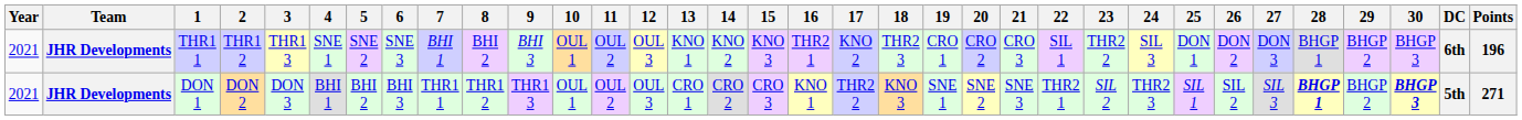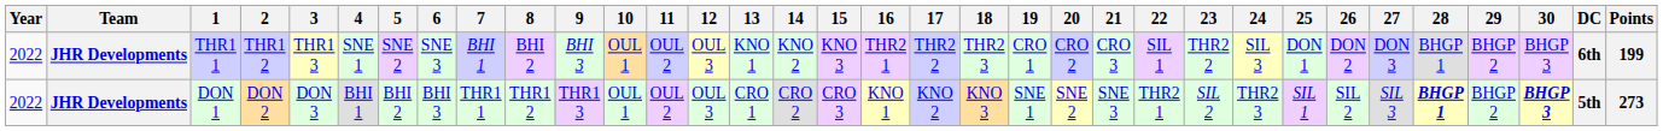 <table class="wikitable" style="text-align:center; font-size:85%">
 <tr>
 <th>Year</th>
 <th>Team</th>
 <th>1</th>
 <th>2</th>
 <th>3</th>
 <th>4</th>
 <th>5</th>
 <th>6</th>
 <th>7</th>
 <th>8</th>
 <th>9</th>
 <th>10</th>
 <th>11</th>
 <th>12</th>
 <th>13</th>
 <th>14</th>
 <th>15</th>
 <th>16</th>
 <th>17</th>
 <th>18</th>
 <th>19</th>
 <th>20</th>
 <th>21</th>
 <th>22</th>
 <th>23</th>
 <th>24</th>
 <th>25</th>
 <th>26</th>
 <th>27</th>
 <th>28</th>
 <th>29</th>
 <th>30</th>
 <th>DC</th>
 <th>Points</th>
 </tr>
 <tr>
-<td><a href='#'>2021</a></td>
+<td><a href='#'>2022</a></td>
 <th nowrap><a href='#'>JHR Developments</a></th>
 <td style="background:#CFCFFF;"><a href='#'>THR1<br>1</a><br></td>
 <td style="background:#CFCFFF;"><a href='#'>THR1<br>2</a><br></td>
 <td style="background:#FFFFBF;"><a href='#'>THR1<br>3</a><br></td>
 <td style="background:#DFFFDF;"><a href='#'>SNE<br>1</a><br></td>
 <td style="background:#EFCFFF;"><a href='#'>SNE<br>2</a><br></td>
 <td style="background:#DFFFDF;"><a href='#'>SNE<br>3</a><br></td>
 <td style="background:#CFCFFF;"><em><a href='#'>BHI<br>1</a></em><br></td>
 <td style="background:#EFCFFF;"><a href='#'>BHI<br>2</a><br></td>
 <td style="background:#DFFFDF;"><em><a href='#'>BHI<br>3</a></em><br></td>
 <td style="background:#FFDF9F;"><a href='#'>OUL<br>1</a><br></td>
 <td style="background:#CFCFFF;"><a href='#'>OUL<br>2</a><br></td>
 <td style="background:#FFFFBF;"><a href='#'>OUL<br>3</a><br></td>
 <td style="background:#DFFFDF;"><a href='#'>KNO<br>1</a><br></td>
 <td style="background:#DFFFDF;"><a href='#'>KNO<br>2</a><br></td>
 <td style="background:#EFCFFF;"><a href='#'>KNO<br>3</a><br></td>
 <td style="background:#EFCFFF;"><a href='#'>THR2<br>1</a><br></td>
-<td style="background:#CFCFFF;"><a href='#'>KNO<br>2</a><br></td>
+<td style="background:#CFCFFF;"><a href='#'>THR2<br>2</a><br></td>
 <td style="background:#DFFFDF;"><a href='#'>THR2<br>3</a><br></td>
 <td style="background:#DFFFDF;"><a href='#'>CRO<br>1</a><br></td>
 <td style="background:#CFCFFF;"><a href='#'>CRO<br>2</a><br></td>
 <td style="background:#DFFFDF;"><a href='#'>CRO<br>3</a><br></td>
 <td style="background:#EFCFFF;"><a href='#'>SIL<br>1</a><br></td>
 <td style="background:#DFFFDF;"><a href='#'>THR2<br>2</a><br></td>
 <td style="background:#FFFFBF;"><a href='#'>SIL<br>3</a><br></td>
 <td style="background:#DFFFDF;"><a href='#'>DON<br>1</a><br></td>
 <td style="background:#EFCFFF;"><a href='#'>DON<br>2</a><br></td>
 <td style="background:#CFCFFF;"><a href='#'>DON<br>3</a><br></td>
 <td style="background:#DFDFDF;"><a href='#'>BHGP<br>1</a><br></td>
 <td style="background:#EFCFFF;"><a href='#'>BHGP<br>2</a><br></td>
 <td style="background:#EFCFFF;"><a href='#'>BHGP<br>3</a><br></td>
 <th>6th</th>
-<th>196</th>
+<th>199</th>
 </tr>
 <tr>
-<td><a href='#'>2021</a></td>
+<td><a href='#'>2022</a></td>
 <th nowrap><a href='#'>JHR Developments</a></th>
 <td style="background:#DFFFDF;"><a href='#'>DON<br>1</a><br></td>
 <td style="background:#FFDF9F;"><a href='#'>DON<br>2</a><br></td>
 <td style="background:#DFFFDF;"><a href='#'>DON<br>3</a><br></td>
 <td style="background:#DFDFDF;"><a href='#'>BHI<br>1</a><br></td>
 <td style="background:#DFFFDF;"><a href='#'>BHI<br>2</a><br></td>
 <td style="background:#DFFFDF;"><a href='#'>BHI<br>3</a><br></td>
 <td style="background:#DFFFDF;"><a href='#'>THR1<br>1</a><br></td>
 <td style="background:#DFFFDF;"><a href='#'>THR1<br>2</a><br></td>
 <td style="background:#EFCFFF;"><a href='#'>THR1<br>3</a><br></td>
 <td style="background:#DFFFDF;"><a href='#'>OUL<br>1</a><br></td>
 <td style="background:#EFCFFF;"><a href='#'>OUL<br>2</a><br></td>
 <td style="background:#DFFFDF;"><a href='#'>OUL<br>3</a><br></td>
 <td style="background:#DFFFDF;"><a href='#'>CRO<br>1</a><br></td>
 <td style="background:#DFDFDF;"><a href='#'>CRO<br>2</a><br></td>
 <td style="background:#EFCFFF;"><a href='#'>CRO<br>3</a><br></td>
 <td style="background:#FFFFBF;"><a href='#'>KNO<br>1</a><br></td>
-<td style="background:#CFCFFF;"><a href='#'>THR2<br>2</a><br></td>
+<td style="background:#CFCFFF;"><a href='#'>KNO<br>2</a><br></td>
 <td style="background:#FFDF9F;"><a href='#'>KNO<br>3</a><br></td>
 <td style="background:#DFFFDF;"><a href='#'>SNE<br>1</a><br></td>
 <td style="background:#FFFFBF;"><a href='#'>SNE<br>2</a><br></td>
 <td style="background:#DFFFDF;"><a href='#'>SNE<br>3</a><br></td>
 <td style="background:#DFFFDF;"><a href='#'>THR2<br>1</a><br></td>
 <td style="background:#DFFFDF;"><em><a href='#'>SIL<br>2</a></em><br></td>
 <td style="background:#DFFFDF;"><a href='#'>THR2<br>3</a><br></td>
 <td style="background:#EFCFFF;"><em><a href='#'>SIL<br>1</a></em><br></td>
 <td style="background:#DFFFDF;"><a href='#'>SIL<br>2</a><br></td>
 <td style="background:#DFDFDF;"><em><a href='#'>SIL<br>3</a></em><br></td>
 <td style="background:#FFFFBF;"><strong><em><a href='#'>BHGP<br>1</a></em></strong><br></td>
 <td style="background:#DFFFDF;"><a href='#'>BHGP<br>2</a><br></td>
 <td style="background:#FFFFBF;"><strong><em><a href='#'>BHGP<br>3</a></em></strong><br></td>
 <th>5th</th>
-<th>271</th>
+<th>273</th>
 </tr>
 </table>
